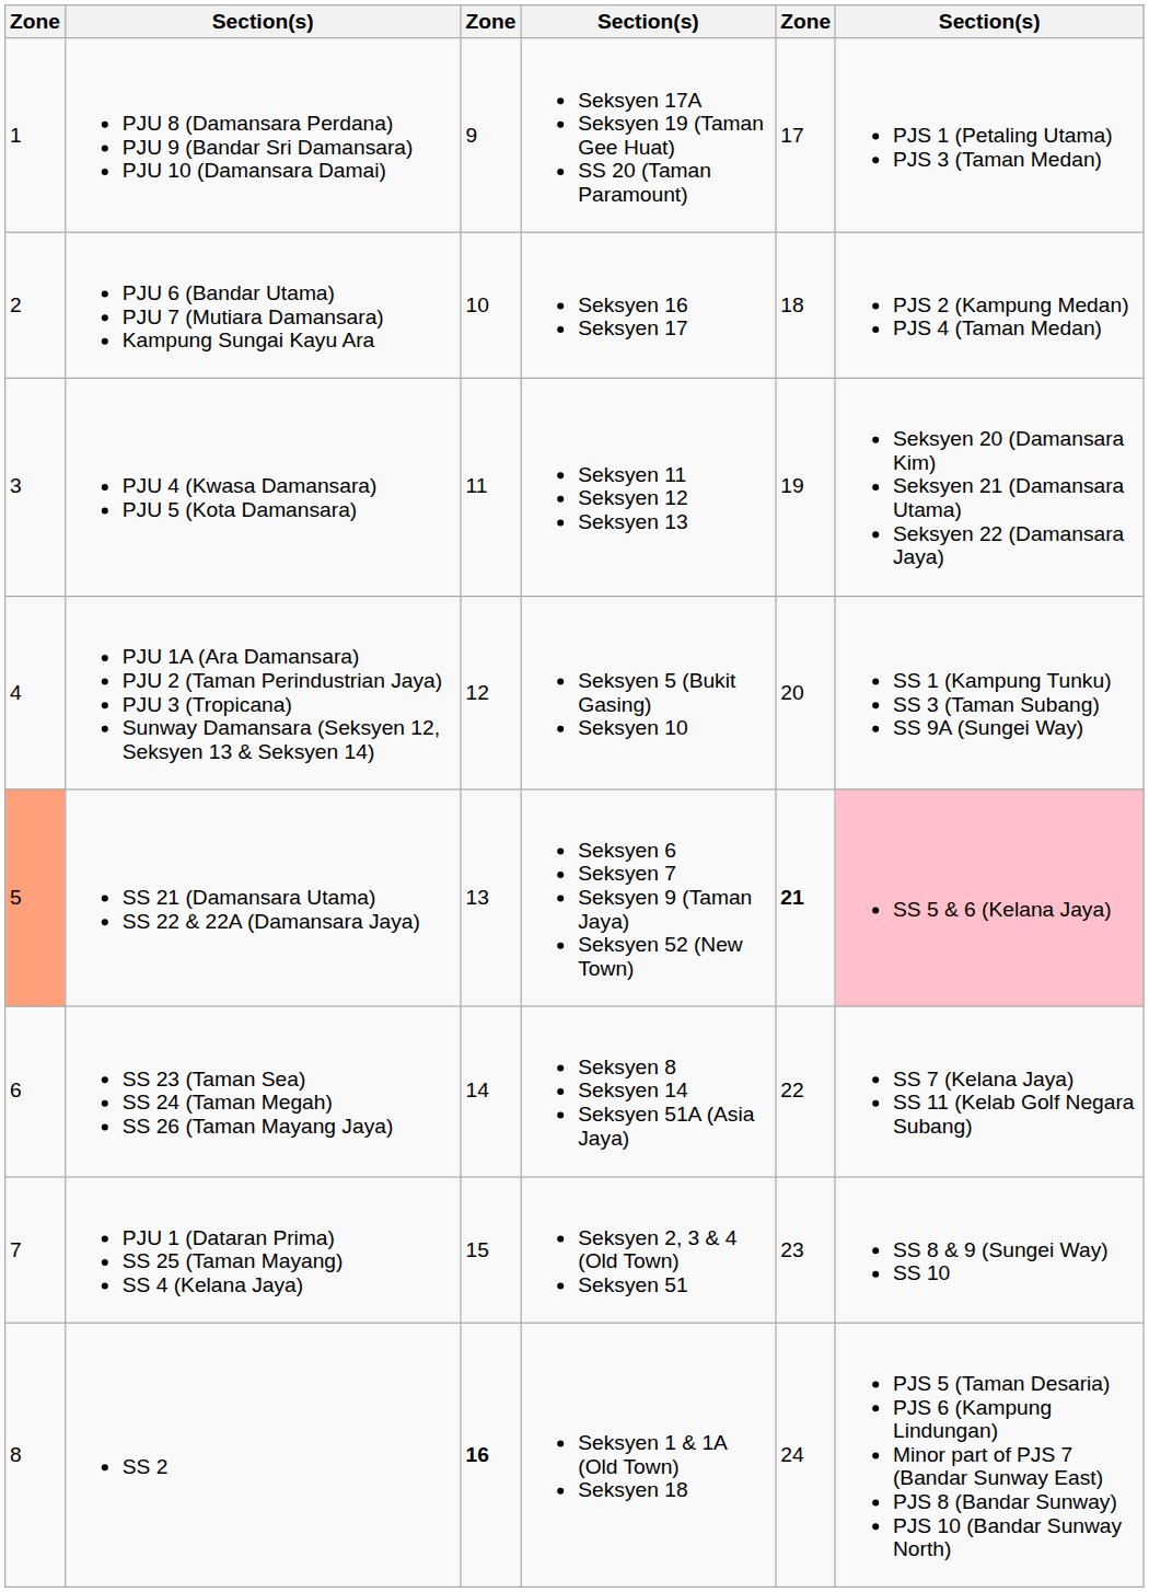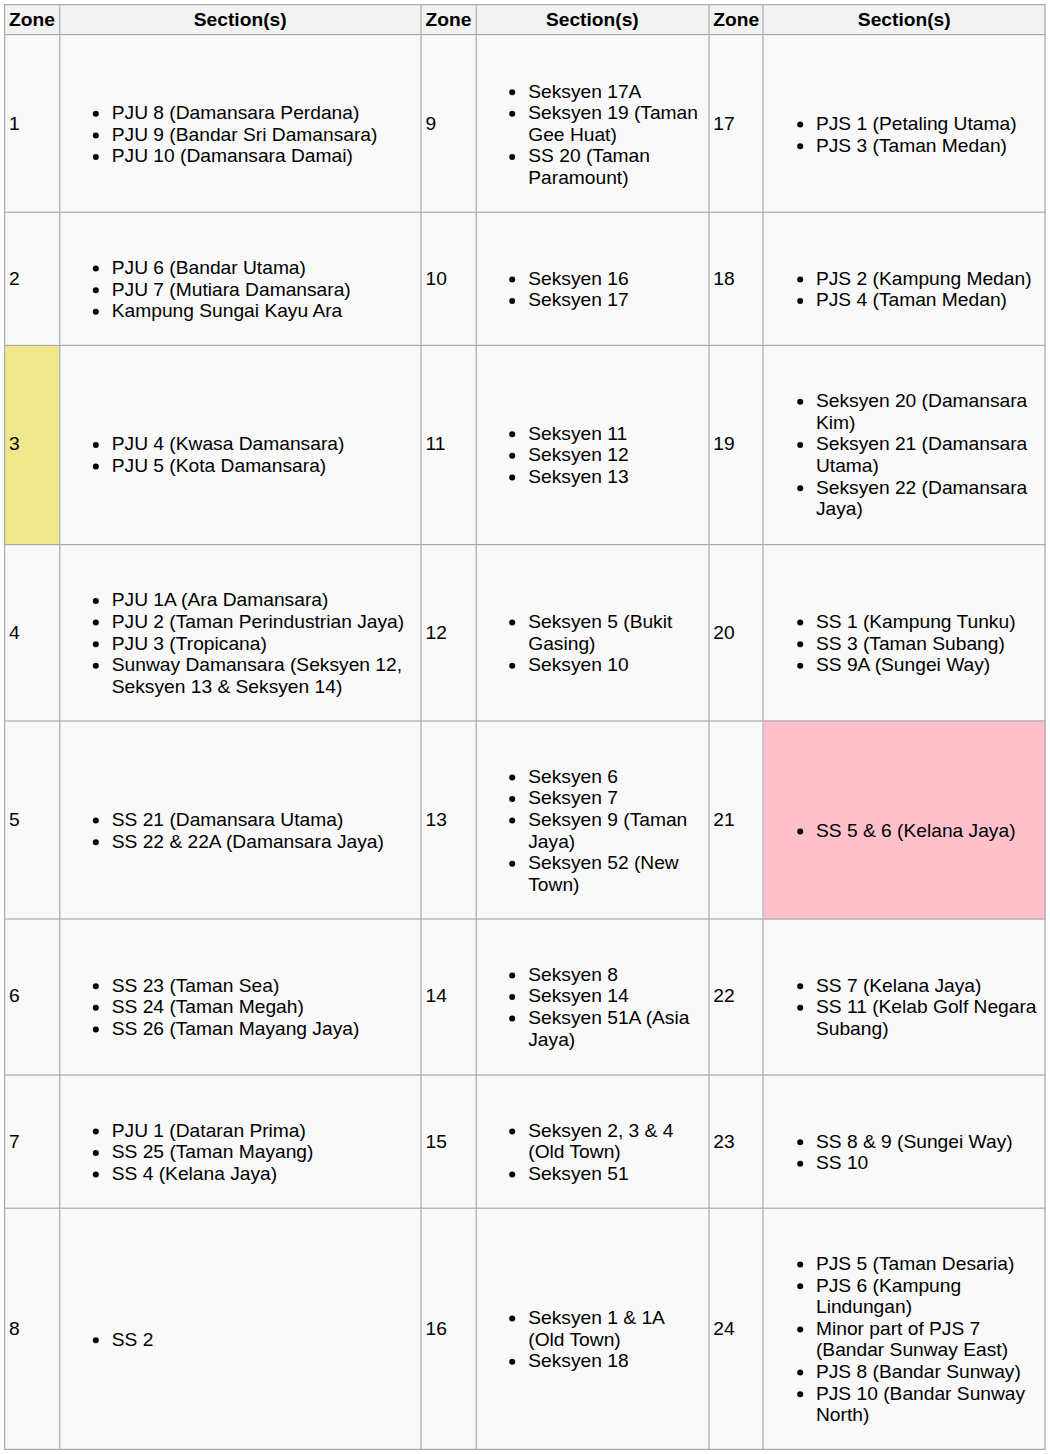 <table class="wikitable">
 <tr>
 <th>Zone</th>
 <th>Section(s)</th>
 <th>Zone</th>
 <th>Section(s)</th>
 <th>Zone</th>
 <th>Section(s)</th>
 </tr>
 <tr>
 <td>1</td>
 <td><br><ul><li>PJU 8 (Damansara Perdana)</li><li>PJU 9 (Bandar Sri Damansara)</li><li>PJU 10 (Damansara Damai)</li></ul></td>
 <td>9</td>
 <td><br><ul><li>Seksyen 17A</li><li>Seksyen 19 (Taman Gee Huat)</li><li>SS 20 (Taman Paramount)</li></ul></td>
 <td>17</td>
 <td><br><ul><li>PJS 1 (Petaling Utama)</li><li>PJS 3 (Taman Medan)</li></ul></td>
 </tr>
 <tr>
 <td>2</td>
 <td><br><ul><li>PJU 6 (Bandar Utama)</li><li>PJU 7 (Mutiara Damansara)</li><li>Kampung Sungai Kayu Ara</li></ul></td>
 <td>10</td>
 <td><br><ul><li>Seksyen 16</li><li>Seksyen 17</li></ul></td>
 <td>18</td>
 <td><br><ul><li>PJS 2 (Kampung Medan)</li><li>PJS 4 (Taman Medan)</li></ul></td>
 </tr>
 <tr>
-<td>3</td>
+<td style="background: khaki;">3</td>
 <td><br><ul><li>PJU 4 (Kwasa Damansara)</li><li>PJU 5 (Kota Damansara)</li></ul></td>
 <td>11</td>
 <td><br><ul><li>Seksyen 11</li><li>Seksyen 12</li><li>Seksyen 13</li></ul></td>
 <td>19</td>
 <td><br><ul><li>Seksyen 20 (Damansara Kim)</li><li>Seksyen 21 (Damansara Utama)</li><li>Seksyen 22 (Damansara Jaya)</li></ul></td>
 </tr>
 <tr>
 <td>4</td>
 <td><br><ul><li>PJU 1A (Ara Damansara)</li><li>PJU 2 (Taman Perindustrian Jaya)</li><li>PJU 3 (Tropicana)</li><li>Sunway Damansara (Seksyen 12, Seksyen 13 & Seksyen 14)</li></ul></td>
 <td>12</td>
 <td><br><ul><li>Seksyen 5 (Bukit Gasing)</li><li>Seksyen 10</li></ul></td>
 <td>20</td>
 <td><br><ul><li>SS 1 (Kampung Tunku)</li><li>SS 3 (Taman Subang)</li><li>SS 9A (Sungei Way)</li></ul></td>
 </tr>
 <tr>
-<td style="background: lightsalmon;">5</td>
+<td>5</td>
 <td><br><ul><li>SS 21 (Damansara Utama)</li><li>SS 22 & 22A (Damansara Jaya)</li></ul></td>
 <td>13</td>
 <td><br><ul><li>Seksyen 6</li><li>Seksyen 7</li><li>Seksyen 9 (Taman Jaya)</li><li>Seksyen 52 (New Town)</li></ul></td>
-<td><strong>21</strong></td>
+<td>21</td>
 <td style="background: pink;"><br><ul><li>SS 5 & 6 (Kelana Jaya)</li></ul></td>
 </tr>
 <tr>
 <td>6</td>
 <td><br><ul><li>SS 23 (Taman Sea)</li><li>SS 24 (Taman Megah)</li><li>SS 26 (Taman Mayang Jaya)</li></ul></td>
 <td>14</td>
 <td><br><ul><li>Seksyen 8</li><li>Seksyen 14</li><li>Seksyen 51A (Asia Jaya)</li></ul></td>
 <td>22</td>
 <td><br><ul><li>SS 7 (Kelana Jaya)</li><li>SS 11 (Kelab Golf Negara Subang)</li></ul></td>
 </tr>
 <tr>
 <td>7</td>
 <td><br><ul><li>PJU 1 (Dataran Prima)</li><li>SS 25 (Taman Mayang)</li><li>SS 4 (Kelana Jaya)</li></ul></td>
 <td>15</td>
 <td><br><ul><li>Seksyen 2, 3 & 4 (Old Town)</li><li>Seksyen 51</li></ul></td>
 <td>23</td>
 <td><br><ul><li>SS 8 & 9 (Sungei Way)</li><li>SS 10</li></ul></td>
 </tr>
 <tr>
 <td>8</td>
 <td><br><ul><li>SS 2</li></ul></td>
-<td><strong>16</strong></td>
+<td>16</td>
 <td><br><ul><li>Seksyen 1 & 1A (Old Town)</li><li>Seksyen 18</li></ul></td>
 <td>24</td>
 <td><br><ul><li>PJS 5 (Taman Desaria)</li><li>PJS 6 (Kampung Lindungan)</li><li>Minor part of PJS 7 (Bandar Sunway East)</li><li>PJS 8 (Bandar Sunway)</li><li>PJS 10 (Bandar Sunway North)</li></ul></td>
 </tr>
 </table>
